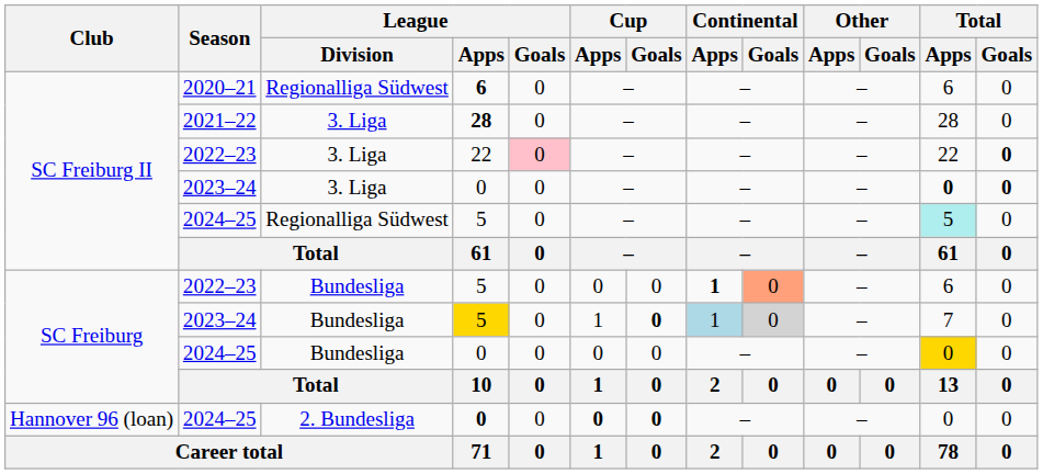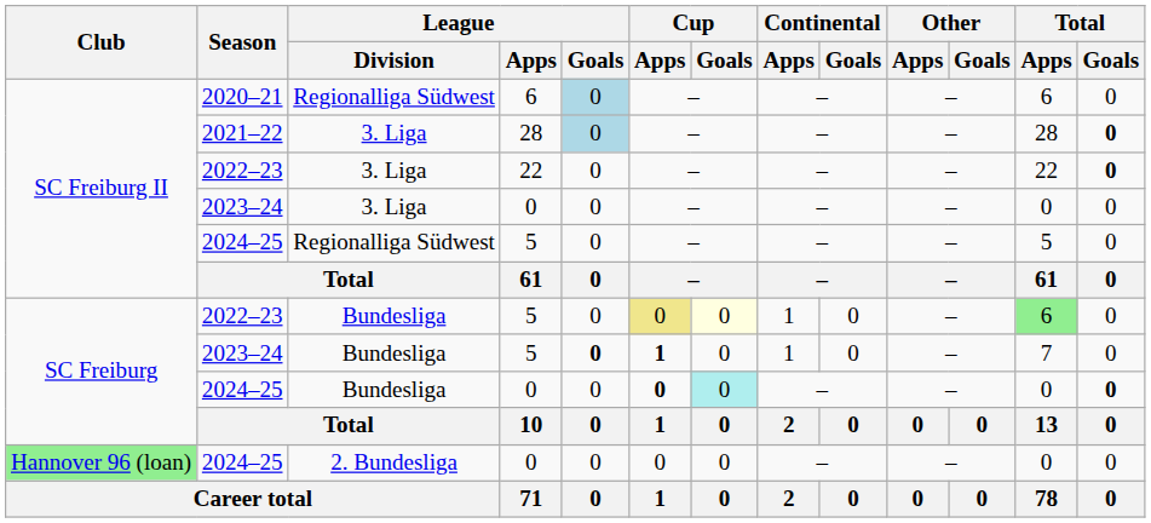 <table class="wikitable" style="text-align:center">
 <tr>
 <th rowspan="2">Club</th>
 <th rowspan="2">Season</th>
 <th colspan="3">League</th>
 <th colspan="2">Cup</th>
 <th colspan="2">Continental</th>
 <th colspan="2">Other</th>
 <th colspan="2">Total</th>
 </tr>
 <tr>
 <th>Division</th>
 <th>Apps</th>
 <th>Goals</th>
 <th>Apps</th>
 <th>Goals</th>
 <th>Apps</th>
 <th>Goals</th>
 <th>Apps</th>
 <th>Goals</th>
 <th>Apps</th>
 <th>Goals</th>
 </tr>
 <tr>
 <td rowspan="6"><a href='#'>SC Freiburg II</a></td>
 <td><a href='#'>2020–21</a></td>
 <td><a href='#'>Regionalliga Südwest</a></td>
-<td><strong>6</strong></td>
-<td>0</td>
+<td>6</td>
+<td style="background: lightblue;">0</td>
 <td colspan="2">–</td>
 <td colspan="2">–</td>
 <td colspan="2">–</td>
 <td>6</td>
 <td>0</td>
 </tr>
 <tr>
 <td><a href='#'>2021–22</a></td>
 <td><a href='#'>3. Liga</a></td>
-<td><strong>28</strong></td>
-<td>0</td>
+<td>28</td>
+<td style="background: lightblue;">0</td>
 <td colspan="2">–</td>
 <td colspan="2">–</td>
 <td colspan="2">–</td>
 <td>28</td>
-<td>0</td>
+<td><strong>0</strong></td>
 </tr>
 <tr>
 <td><a href='#'>2022–23</a></td>
 <td>3. Liga</td>
 <td>22</td>
-<td style="background: pink;">0</td>
+<td>0</td>
 <td colspan="2">–</td>
 <td colspan="2">–</td>
 <td colspan="2">–</td>
 <td>22</td>
 <td><strong>0</strong></td>
 </tr>
 <tr>
 <td><a href='#'>2023–24</a></td>
 <td>3. Liga</td>
 <td>0</td>
 <td>0</td>
 <td colspan="2">–</td>
 <td colspan="2">–</td>
 <td colspan="2">–</td>
-<td><strong>0</strong></td>
-<td><strong>0</strong></td>
+<td>0</td>
+<td>0</td>
 </tr>
 <tr>
 <td><a href='#'>2024–25</a></td>
 <td>Regionalliga Südwest</td>
 <td>5</td>
 <td>0</td>
 <td colspan="2">–</td>
 <td colspan="2">–</td>
 <td colspan="2">–</td>
-<td style="background: paleturquoise;">5</td>
+<td>5</td>
 <td>0</td>
 </tr>
 <tr>
 <th colspan="2">Total</th>
 <th>61</th>
 <th>0</th>
 <th colspan="2">–</th>
 <th colspan="2">–</th>
 <th colspan="2">–</th>
 <th>61</th>
 <th>0</th>
 </tr>
 <tr>
 <td rowspan="4"><a href='#'>SC Freiburg</a></td>
 <td><a href='#'>2022–23</a></td>
 <td><a href='#'>Bundesliga</a></td>
 <td>5</td>
 <td>0</td>
+<td style="background: khaki;">0</td>
+<td style="background: lightyellow;">0</td>
+<td>1</td>
 <td>0</td>
-<td>0</td>
-<td><strong>1</strong></td>
-<td style="background: lightsalmon;">0</td>
 <td colspan="2">–</td>
-<td>6</td>
+<td style="background: lightgreen;">6</td>
 <td>0</td>
 </tr>
 <tr>
 <td><a href='#'>2023–24</a></td>
 <td>Bundesliga</td>
-<td style="background: gold;">5</td>
+<td>5</td>
+<td><strong>0</strong></td>
+<td><strong>1</strong></td>
 <td>0</td>
 <td>1</td>
-<td><strong>0</strong></td>
-<td style="background: lightblue;">1</td>
-<td style="background: lightgrey;">0</td>
+<td>0</td>
 <td colspan="2">–</td>
 <td>7</td>
 <td>0</td>
 </tr>
 <tr>
 <td><a href='#'>2024–25</a></td>
 <td>Bundesliga</td>
 <td>0</td>
 <td>0</td>
-<td>0</td>
-<td>0</td>
+<td><strong>0</strong></td>
+<td style="background: paleturquoise;">0</td>
 <td colspan="2">–</td>
 <td colspan="2">–</td>
-<td style="background: gold;">0</td>
 <td>0</td>
+<td><strong>0</strong></td>
 </tr>
 <tr>
 <th colspan="2">Total</th>
 <th>10</th>
 <th>0</th>
 <th>1</th>
 <th>0</th>
 <th>2</th>
 <th>0</th>
 <th>0</th>
 <th>0</th>
 <th>13</th>
 <th>0</th>
 </tr>
 <tr>
-<td><a href='#'>Hannover 96</a> (loan)</td>
+<td style="background: lightgreen;"><a href='#'>Hannover 96</a> (loan)</td>
 <td><a href='#'>2024–25</a></td>
 <td><a href='#'>2. Bundesliga</a></td>
-<td><strong>0</strong></td>
 <td>0</td>
-<td><strong>0</strong></td>
-<td><strong>0</strong></td>
+<td>0</td>
+<td>0</td>
+<td>0</td>
 <td colspan="2">–</td>
 <td colspan="2">–</td>
 <td>0</td>
 <td>0</td>
 </tr>
 <tr>
 <th colspan="3">Career total</th>
 <th>71</th>
 <th>0</th>
 <th>1</th>
 <th>0</th>
 <th>2</th>
 <th>0</th>
 <th>0</th>
 <th>0</th>
 <th>78</th>
 <th>0</th>
 </tr>
 </table>
